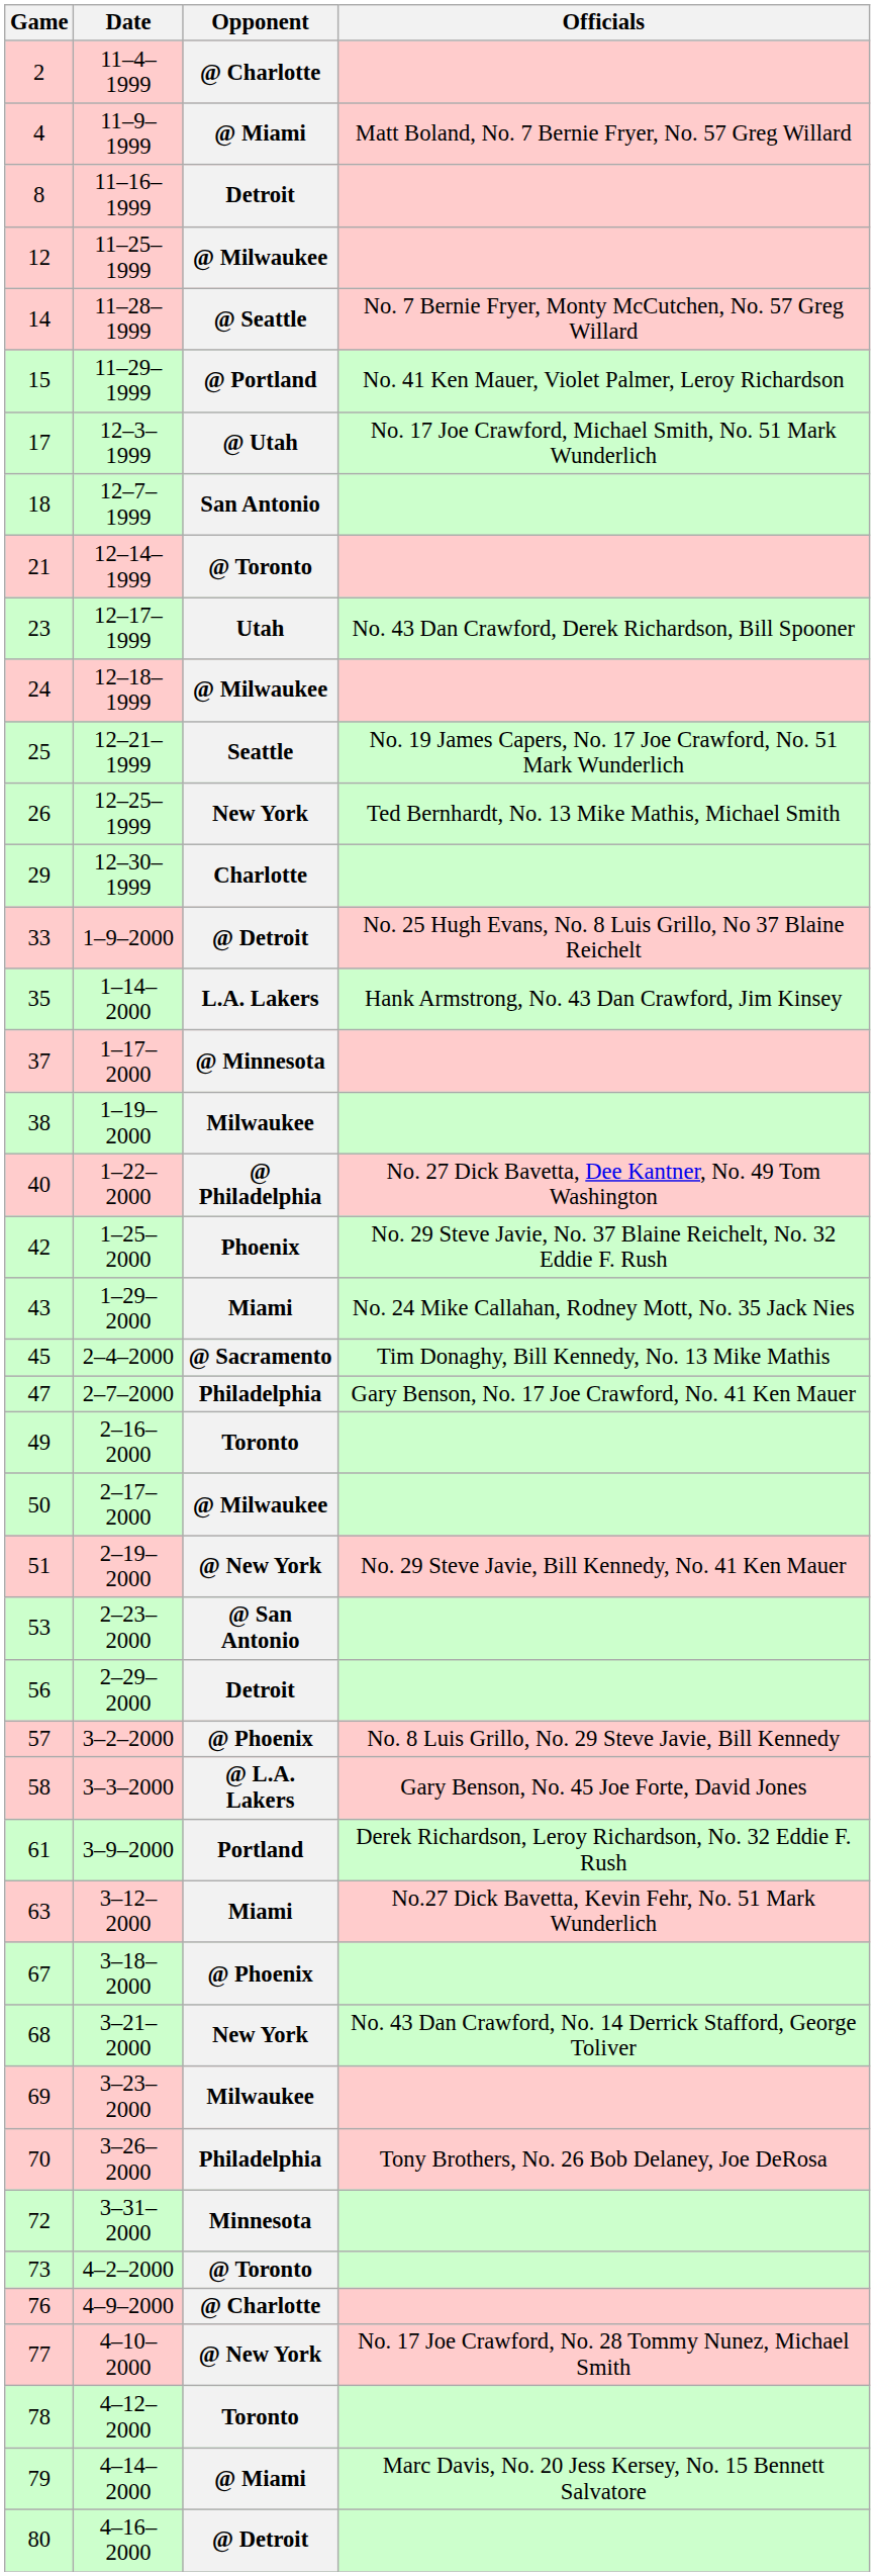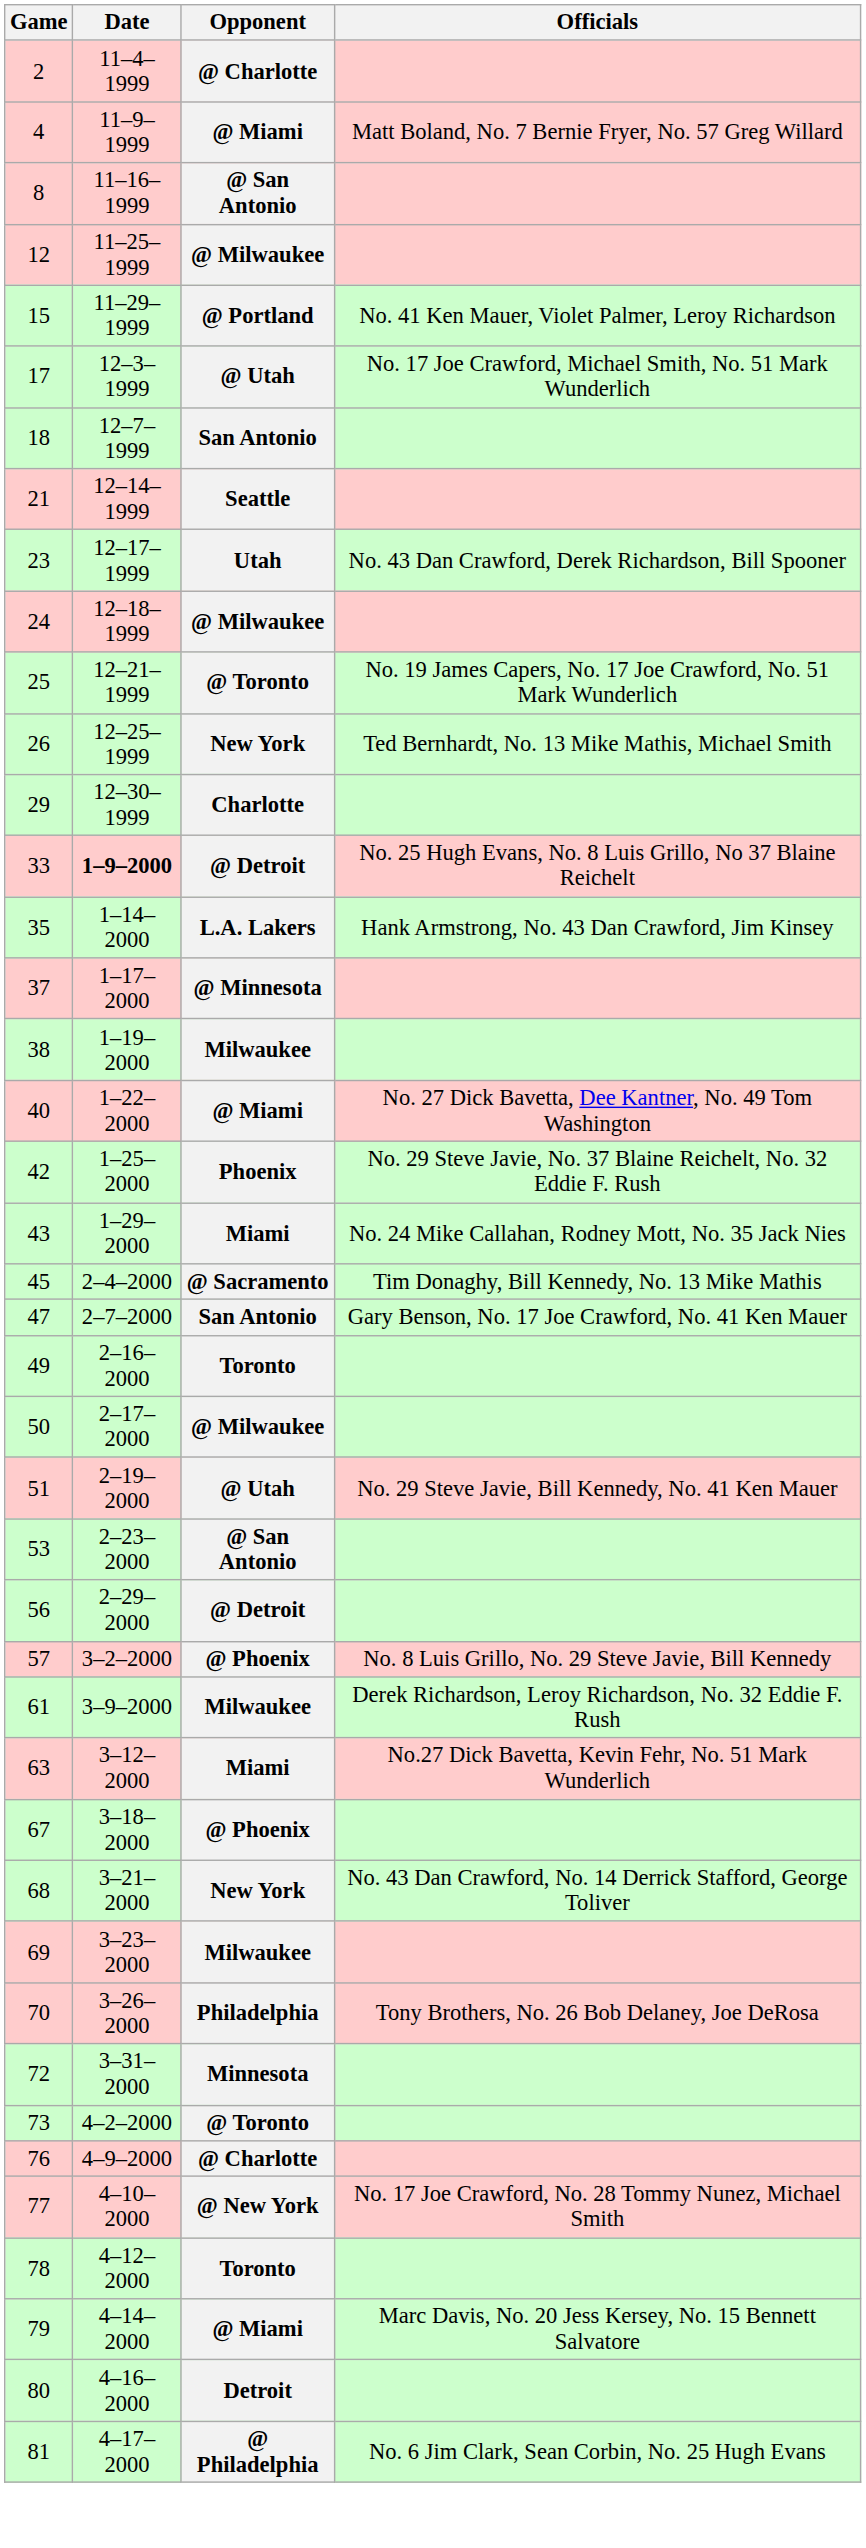 <table class="wikitable">
 <tr>
 <th>Game</th>
 <th>Date</th>
 <th>Opponent</th>
 <th>Officials</th>
 </tr>
 <tr align="center" bgcolor="#ffcccc">
 <td>2</td>
 <td>11–4–1999</td>
 <th>@ Charlotte</th>
 <td></td>
 </tr>
 <tr align="center" bgcolor="#ffcccc">
 <td>4</td>
 <td>11–9–1999</td>
 <th>@ Miami</th>
 <td>Matt Boland, No. 7 Bernie Fryer, No. 57 Greg Willard</td>
 </tr>
 <tr align="center" bgcolor="#ffcccc">
 <td>8</td>
 <td>11–16–1999</td>
-<th>Detroit</th>
+<th>@ San Antonio</th>
 <td></td>
 </tr>
 <tr align="center" bgcolor="#ffcccc">
 <td>12</td>
 <td>11–25–1999</td>
 <th>@ Milwaukee</th>
 <td></td>
-</tr>
-<tr align="center" bgcolor="#ffcccc">
-<td>14</td>
-<td>11–28–1999</td>
-<th>@ Seattle</th>
-<td>No. 7 Bernie Fryer, Monty McCutchen, No. 57 Greg Willard</td>
 </tr>
 <tr align="center" bgcolor="#ccffcc">
 <td>15</td>
 <td>11–29–1999</td>
 <th>@ Portland</th>
 <td>No. 41 Ken Mauer, Violet Palmer, Leroy Richardson</td>
 </tr>
 <tr align="center" bgcolor="#ccffcc">
 <td>17</td>
 <td>12–3–1999</td>
 <th>@ Utah</th>
 <td>No. 17 Joe Crawford, Michael Smith, No. 51 Mark Wunderlich</td>
 </tr>
 <tr align="center" bgcolor="#ccffcc">
 <td>18</td>
 <td>12–7–1999</td>
 <th>San Antonio</th>
 <td></td>
 </tr>
 <tr align="center" bgcolor="#ffcccc">
 <td>21</td>
 <td>12–14–1999</td>
-<th>@ Toronto</th>
+<th>Seattle</th>
 <td></td>
 </tr>
 <tr align="center" bgcolor="#ccffcc">
 <td>23</td>
 <td>12–17–1999</td>
 <th>Utah</th>
 <td>No. 43 Dan Crawford, Derek Richardson, Bill Spooner</td>
 </tr>
 <tr align="center" bgcolor="#ffcccc">
 <td>24</td>
 <td>12–18–1999</td>
 <th>@ Milwaukee</th>
 <td></td>
 </tr>
 <tr align="center" bgcolor="#ccffcc">
 <td>25</td>
 <td>12–21–1999</td>
-<th>Seattle</th>
+<th>@ Toronto</th>
 <td>No. 19 James Capers, No. 17 Joe Crawford, No. 51 Mark Wunderlich</td>
 </tr>
 <tr align="center" bgcolor="#ccffcc">
 <td>26</td>
 <td>12–25–1999</td>
 <th>New York</th>
 <td>Ted Bernhardt, No. 13 Mike Mathis, Michael Smith</td>
 </tr>
 <tr align="center" bgcolor="#ccffcc">
 <td>29</td>
 <td>12–30–1999</td>
 <th>Charlotte</th>
 <td></td>
 </tr>
 <tr align="center" bgcolor="#ffcccc">
 <td>33</td>
-<td>1–9–2000</td>
+<td><strong>1–9–2000</strong></td>
 <th>@ Detroit</th>
 <td>No. 25 Hugh Evans, No. 8 Luis Grillo, No 37 Blaine Reichelt</td>
 </tr>
 <tr align="center" bgcolor="#ccffcc">
 <td>35</td>
 <td>1–14–2000</td>
 <th>L.A. Lakers</th>
 <td>Hank Armstrong, No. 43 Dan Crawford, Jim Kinsey</td>
 </tr>
 <tr align="center" bgcolor="#ffcccc">
 <td>37</td>
 <td>1–17–2000</td>
 <th>@ Minnesota</th>
 <td></td>
 </tr>
 <tr align="center" bgcolor="#ccffcc">
 <td>38</td>
 <td>1–19–2000</td>
 <th>Milwaukee</th>
 <td></td>
 </tr>
 <tr align="center" bgcolor="#ffcccc">
 <td>40</td>
 <td>1–22–2000</td>
-<th>@ Philadelphia</th>
+<th>@ Miami</th>
 <td>No. 27 Dick Bavetta, <a href='#'>Dee Kantner</a>, No. 49 Tom Washington</td>
 </tr>
 <tr align="center" bgcolor="#ccffcc">
 <td>42</td>
 <td>1–25–2000</td>
 <th>Phoenix</th>
 <td>No. 29 Steve Javie, No. 37 Blaine Reichelt, No. 32 Eddie F. Rush</td>
 </tr>
 <tr align="center" bgcolor="#ccffcc">
 <td>43</td>
 <td>1–29–2000</td>
 <th>Miami</th>
 <td>No. 24 Mike Callahan, Rodney Mott, No. 35 Jack Nies</td>
 </tr>
 <tr align="center" bgcolor="#ccffcc">
 <td>45</td>
 <td>2–4–2000</td>
 <th>@ Sacramento</th>
 <td>Tim Donaghy, Bill Kennedy, No. 13 Mike Mathis</td>
 </tr>
 <tr align="center" bgcolor="#ccffcc">
 <td>47</td>
 <td>2–7–2000</td>
-<th>Philadelphia</th>
+<th>San Antonio</th>
 <td>Gary Benson, No. 17 Joe Crawford, No. 41 Ken Mauer</td>
 </tr>
 <tr align="center" bgcolor="#ccffcc">
 <td>49</td>
 <td>2–16–2000</td>
 <th>Toronto</th>
 <td></td>
 </tr>
 <tr align="center" bgcolor="#ccffcc">
 <td>50</td>
 <td>2–17–2000</td>
 <th>@ Milwaukee</th>
 <td></td>
 </tr>
 <tr align="center" bgcolor="#ffcccc">
 <td>51</td>
 <td>2–19–2000</td>
-<th>@ New York</th>
+<th>@ Utah</th>
 <td>No. 29 Steve Javie, Bill Kennedy, No. 41 Ken Mauer</td>
 </tr>
 <tr align="center" bgcolor="#ccffcc">
 <td>53</td>
 <td>2–23–2000</td>
 <th>@ San Antonio</th>
 <td></td>
 </tr>
 <tr align="center" bgcolor="#ccffcc">
 <td>56</td>
 <td>2–29–2000</td>
-<th>Detroit</th>
+<th>@ Detroit</th>
 <td></td>
 </tr>
 <tr align="center" bgcolor="#ffcccc">
 <td>57</td>
 <td>3–2–2000</td>
 <th>@ Phoenix</th>
 <td>No. 8 Luis Grillo, No. 29 Steve Javie, Bill Kennedy</td>
 </tr>
-<tr align="center" bgcolor="#ffcccc">
-<td>58</td>
-<td>3–3–2000</td>
-<th>@ L.A. Lakers</th>
-<td>Gary Benson, No. 45 Joe Forte, David Jones</td>
-</tr>
 <tr align="center" bgcolor="#ccffcc">
 <td>61</td>
 <td>3–9–2000</td>
-<th>Portland</th>
+<th>Milwaukee</th>
 <td>Derek Richardson, Leroy Richardson, No. 32 Eddie F. Rush</td>
 </tr>
 <tr align="center" bgcolor="#ffcccc">
 <td>63</td>
 <td>3–12–2000</td>
 <th>Miami</th>
 <td>No.27 Dick Bavetta, Kevin Fehr, No. 51 Mark Wunderlich</td>
 </tr>
 <tr align="center" bgcolor="#ccffcc">
 <td>67</td>
 <td>3–18–2000</td>
 <th>@ Phoenix</th>
 <td></td>
 </tr>
 <tr align="center" bgcolor="#ccffcc">
 <td>68</td>
 <td>3–21–2000</td>
 <th>New York</th>
 <td>No. 43 Dan Crawford, No. 14 Derrick Stafford, George Toliver</td>
 </tr>
 <tr align="center" bgcolor="#ffcccc">
 <td>69</td>
 <td>3–23–2000</td>
 <th>Milwaukee</th>
 <td></td>
 </tr>
 <tr align="center" bgcolor="#ffcccc">
 <td>70</td>
 <td>3–26–2000</td>
 <th>Philadelphia</th>
 <td>Tony Brothers, No. 26 Bob Delaney, Joe DeRosa</td>
 </tr>
 <tr align="center" bgcolor="#ccffcc">
 <td>72</td>
 <td>3–31–2000</td>
 <th>Minnesota</th>
 <td></td>
 </tr>
 <tr align="center" bgcolor="#ccffcc">
 <td>73</td>
 <td>4–2–2000</td>
 <th>@ Toronto</th>
 <td></td>
 </tr>
 <tr align="center" bgcolor="#ffcccc">
 <td>76</td>
 <td>4–9–2000</td>
 <th>@ Charlotte</th>
 <td></td>
 </tr>
 <tr align="center" bgcolor="#ffcccc">
 <td>77</td>
 <td>4–10–2000</td>
 <th>@ New York</th>
 <td>No. 17 Joe Crawford, No. 28 Tommy Nunez, Michael Smith</td>
 </tr>
 <tr align="center" bgcolor="#ccffcc">
 <td>78</td>
 <td>4–12–2000</td>
 <th>Toronto</th>
 <td></td>
 </tr>
 <tr align="center" bgcolor="#ccffcc">
 <td>79</td>
 <td>4–14–2000</td>
 <th>@ Miami</th>
 <td>Marc Davis, No. 20 Jess Kersey, No. 15 Bennett Salvatore</td>
 </tr>
 <tr align="center" bgcolor="#ccffcc">
 <td>80</td>
 <td>4–16–2000</td>
-<th>@ Detroit</th>
+<th>Detroit</th>
 <td></td>
 </tr>
+<tr align="center" bgcolor="#ccffcc">
+<td>81</td>
+<td>4–17–2000</td>
+<th>@ Philadelphia</th>
+<td>No. 6 Jim Clark, Sean Corbin, No. 25 Hugh Evans</td>
+</tr>
 </table>
